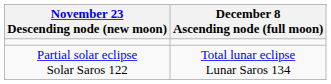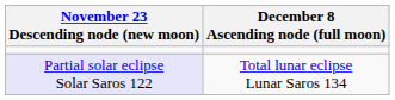 <table class="wikitable">
 <tr>
 <th><a href='#'>November 23</a><br>Descending node (new moon)</th>
 <th>December 8<br>Ascending node (full moon)</th>
 </tr>
 <tr>
 <td></td>
 <td></td>
 </tr>
 <tr align=center>
-<td><a href='#'>Partial solar eclipse</a><br>Solar Saros 122</td>
+<td style="background: lavender;"><a href='#'>Partial solar eclipse</a><br>Solar Saros 122</td>
 <td><a href='#'>Total lunar eclipse</a><br>Lunar Saros 134</td>
 </tr>
 </table>
